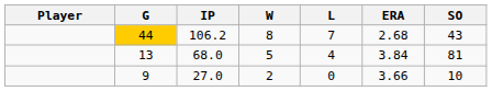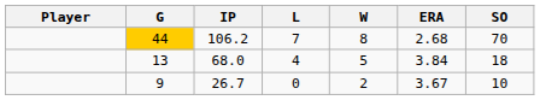 <table class="wikitable sortable">
 <tr>
 <th bgcolor="#DDDDFF" width="16%">Player</th>
 <th bgcolor="#DDDDFF" width="9%">G</th>
 <th bgcolor="#DDDDFF" width="9%">IP</th>
+<th bgcolor="#DDDDFF" width="9%">L</th>
 <th bgcolor="#DDDDFF" width="9%">W</th>
-<th bgcolor="#DDDDFF" width="9%">L</th>
 <th bgcolor="#DDDDFF" width="9%">ERA</th>
 <th bgcolor="#DDDDFF" width="9%">SO</th>
 </tr>
 <tr align="center">
 <td></td>
 <td style="background:#fc0;">44</td>
 <td>106.2</td>
+<td>7</td>
 <td>8</td>
-<td>7</td>
 <td>2.68</td>
-<td>43</td>
+<td>70</td>
 </tr>
 <tr align="center">
 <td></td>
 <td>13</td>
 <td>68.0</td>
+<td>4</td>
 <td>5</td>
-<td>4</td>
 <td>3.84</td>
-<td>81</td>
+<td>18</td>
 </tr>
 <tr align="center">
 <td></td>
 <td>9</td>
-<td>27.0</td>
+<td>26.7</td>
+<td>0</td>
 <td>2</td>
-<td>0</td>
-<td>3.66</td>
+<td>3.67</td>
 <td>10</td>
 </tr>
 </table>
